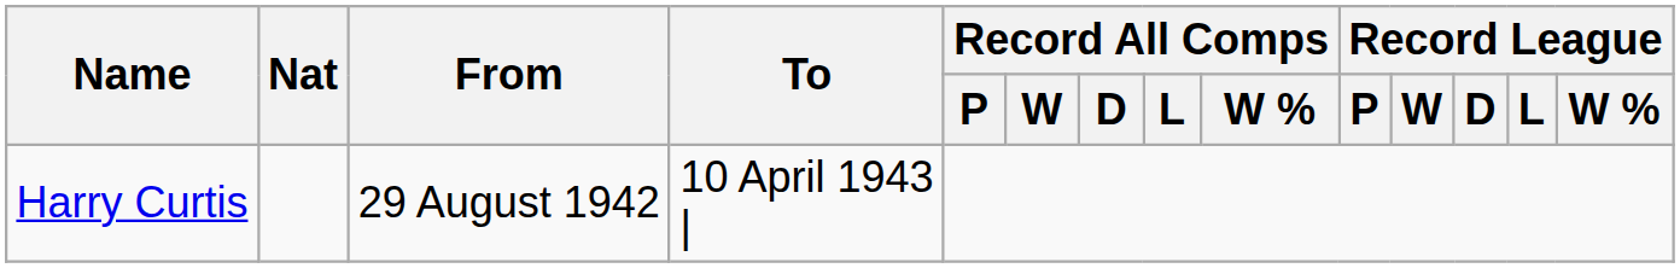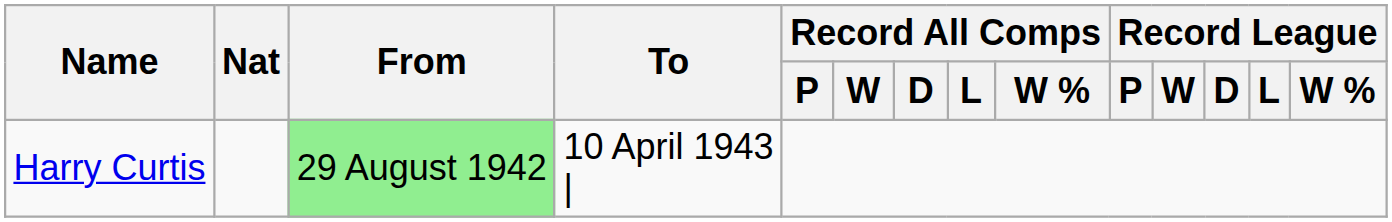 <table class="wikitable" style="text-align: center">
 <tr>
 <th rowspan="2">Name</th>
 <th rowspan="2">Nat</th>
 <th rowspan="2">From</th>
 <th rowspan="2">To</th>
 <th colspan="5">Record All Comps</th>
 <th colspan="5">Record League</th>
 </tr>
 <tr>
 <th>P</th>
 <th>W</th>
 <th>D</th>
 <th>L</th>
 <th>W %</th>
 <th>P</th>
 <th>W</th>
 <th>D</th>
 <th>L</th>
 <th>W %</th>
 </tr>
 <tr>
 <td align=left><a href='#'>Harry Curtis</a></td>
 <td></td>
-<td align=left>29 August 1942</td>
+<td align=left style="background: lightgreen;">29 August 1942</td>
 <td align=left>10 April 1943<br>|</td>
 </tr>
 </table>
